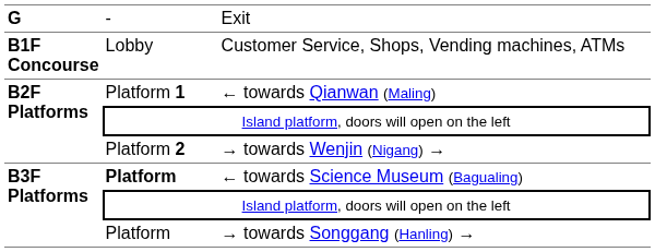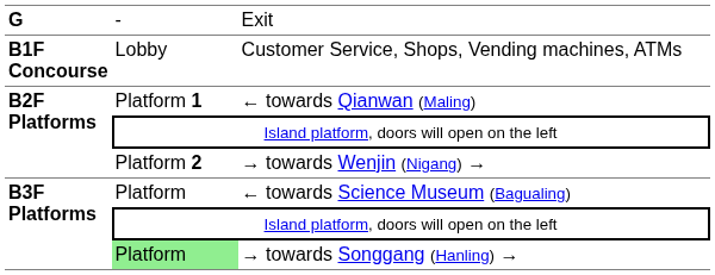 <table table border=0 cellspacing=0 cellpadding=3>
 <tr>
 <td style="border-top:solid 1px gray;" width=50 valign=top><strong>G</strong></td>
 <td style="border-top:solid 1px gray;" width=100 valign=top>-</td>
 <td style="border-top:solid 1px gray;" width=390 valign=top>Exit</td>
 </tr>
 <tr>
 <td style="border-bottom:solid 1px gray; border-top:solid 1px gray;" valign=top width=50><strong>B1F<br>Concourse</strong></td>
 <td style="border-bottom:solid 1px gray; border-top:solid 1px gray;" valign=top width=100>Lobby</td>
 <td style="border-bottom:solid 1px gray; border-top:solid 1px gray;" valign=top width=390>Customer Service, Shops, Vending machines, ATMs</td>
 </tr>
 <tr>
 <td style="border-bottom:solid 1px gray;" rowspan="3" valign=top><strong>B2F<br>Platforms</strong></td>
 <td>Platform <strong>1</strong></td>
 <td>←  towards <a href='#'>Qianwan</a> <small>(<a href='#'>Maling</a>)</small></td>
 </tr>
 <tr>
 <td style="border-right:solid 2px black;border-left:solid 2px black;border-top:solid 2px black;border-bottom:solid 2px black;text-align:center;" colspan=2><small><a href='#'>Island platform</a>, doors will open on the left</small></td>
 </tr>
 <tr>
 <td style="border-bottom:solid 1px gray;">Platform <strong>2</strong></td>
 <td style="border-bottom:solid 1px gray;"><span>→</span>  towards <a href='#'>Wenjin</a> <small>(<a href='#'>Nigang</a>)</small> →</td>
 </tr>
 <tr>
 <td style="border-bottom:solid 1px gray;" rowspan="6" valign=top><strong>B3F<br>Platforms</strong></td>
-<td><strong>Platform</strong></td>
+<td>Platform</td>
 <td>←  towards <a href='#'>Science Museum</a> <small>(<a href='#'>Bagualing</a>)</small></td>
 </tr>
 <tr>
 <td style="border-right:solid 2px black;border-left:solid 2px black;border-top:solid 2px black;border-bottom:solid 2px black;text-align:center;" colspan=2><small><a href='#'>Island platform</a>, doors will open on the left</small></td>
 </tr>
 <tr>
-<td style="border-bottom:solid 1px gray;">Platform</td>
+<td style="background: lightgreen; border-bottom:solid 1px gray;">Platform</td>
 <td style="border-bottom:solid 1px gray;"><span>→</span>  towards <a href='#'>Songgang</a> <small>(<a href='#'>Hanling</a>)</small> →</td>
 </tr>
 </table>
